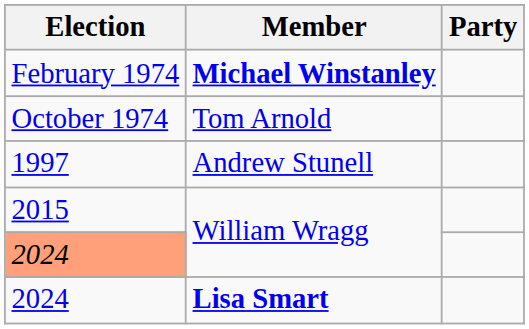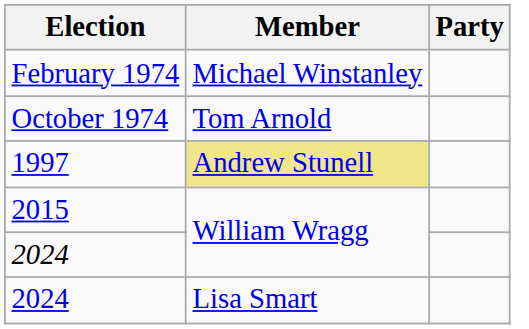 <table class="wikitable">
 <tr>
 <th>Election</th>
 <th>Member</th>
 <th colspan=2>Party</th>
 </tr>
 <tr>
 <td><a href='#'>February 1974</a></td>
-<td><strong><a href='#'>Michael Winstanley</a></strong></td>
+<td><a href='#'>Michael Winstanley</a></td>
 <td></td>
 </tr>
 <tr>
 <td><a href='#'>October 1974</a></td>
 <td><a href='#'>Tom Arnold</a></td>
 <td></td>
 </tr>
 <tr>
 <td><a href='#'>1997</a></td>
-<td><a href='#'>Andrew Stunell</a></td>
+<td style="background: khaki;"><a href='#'>Andrew Stunell</a></td>
 <td></td>
 </tr>
 <tr>
 <td><a href='#'>2015</a></td>
 <td rowspan="2"><a href='#'>William Wragg</a></td>
 <td></td>
 </tr>
 <tr>
-<td style="background: lightsalmon;"><em>2024</em></td>
+<td><em>2024</em></td>
 <td></td>
 </tr>
 <tr>
 <td><a href='#'>2024</a></td>
-<td><strong><a href='#'>Lisa Smart</a></strong></td>
+<td><a href='#'>Lisa Smart</a></td>
 <td></td>
 </tr>
 </table>
